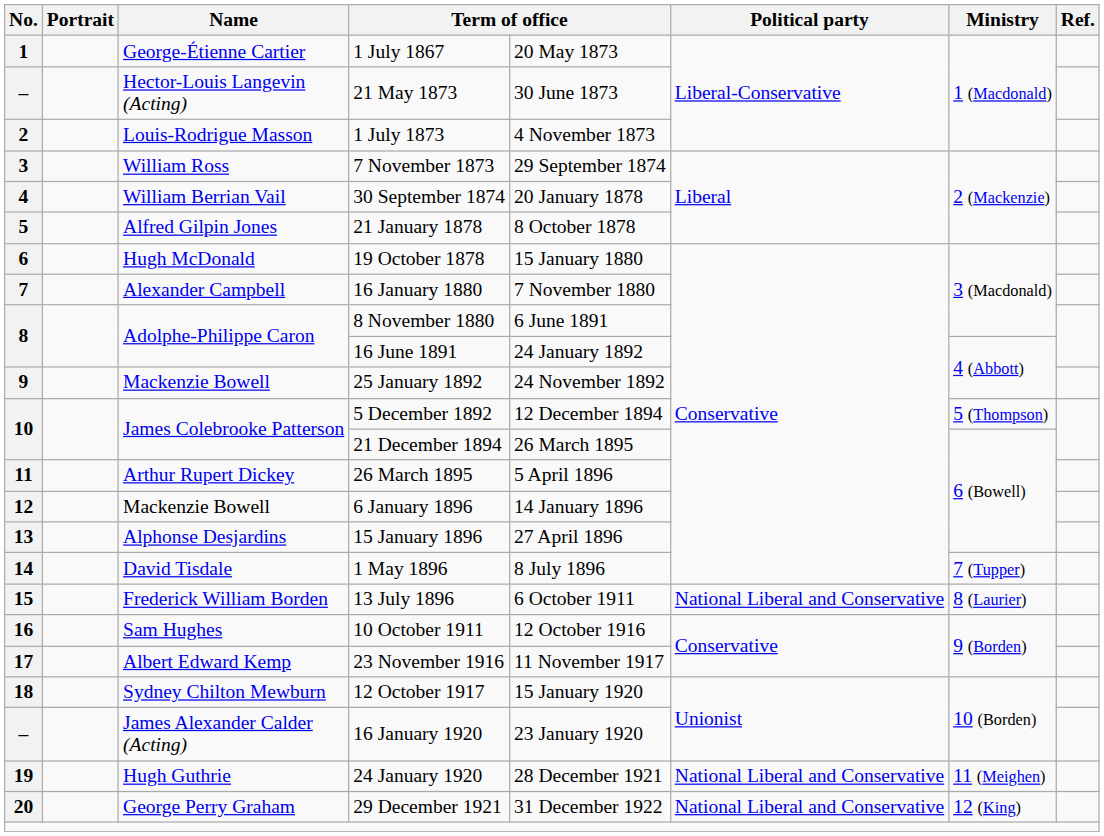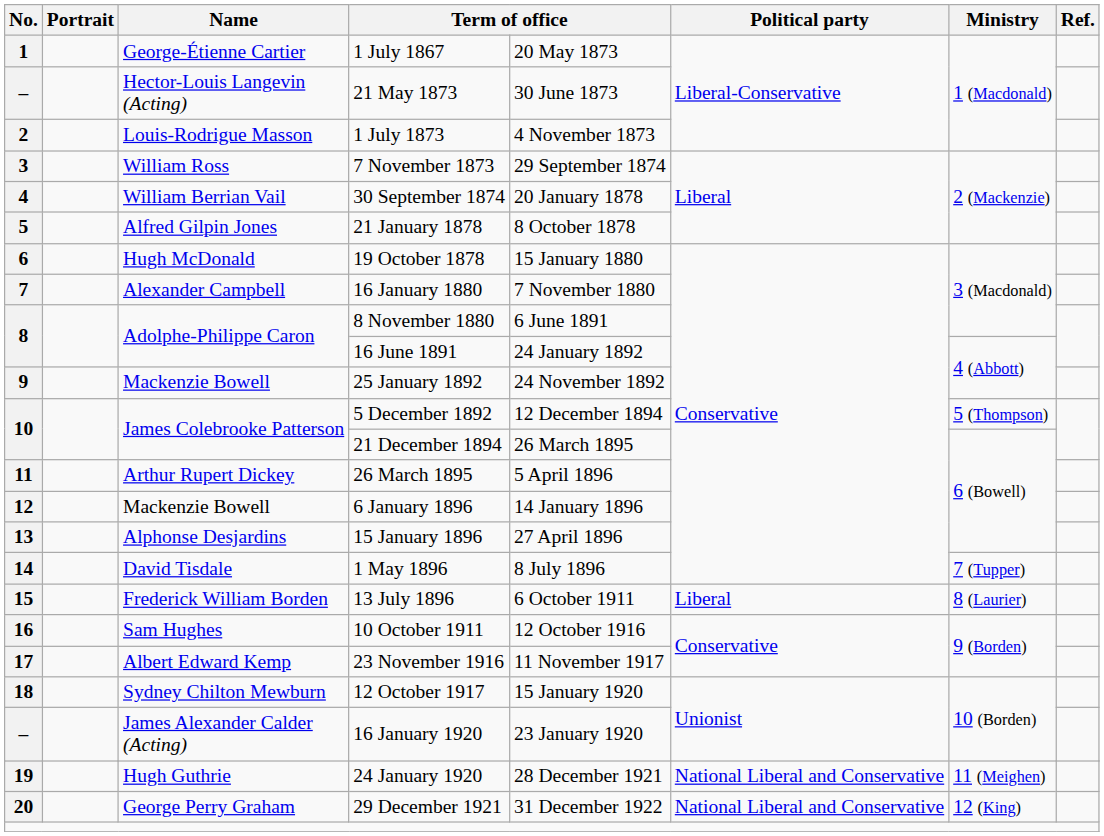 <table class="wikitable">
 <tr>
 <th>No.</th>
 <th>Portrait</th>
 <th>Name</th>
 <th colspan=2>Term of office</th>
 <th>Political party</th>
 <th>Ministry</th>
 <th>Ref.</th>
 </tr>
 <tr>
 <th style="background:">1</th>
 <td></td>
 <td><a href='#'>George-Étienne Cartier</a></td>
 <td>1 July 1867</td>
 <td>20 May 1873</td>
 <td rowspan=3><a href='#'>Liberal-Conservative</a></td>
 <td rowspan=3><a href='#'>1</a> <small>(<a href='#'>Macdonald</a>)</small></td>
 <td></td>
 </tr>
 <tr>
 <th style="background:">–</th>
 <td></td>
 <td><a href='#'>Hector-Louis Langevin</a><br><em>(Acting)</em></td>
 <td>21 May 1873</td>
 <td>30 June 1873</td>
 <td></td>
 </tr>
 <tr>
 <th style="background:">2</th>
 <td></td>
 <td><a href='#'>Louis-Rodrigue Masson</a></td>
 <td>1 July 1873</td>
 <td>4 November 1873</td>
 <td></td>
 </tr>
 <tr>
 <th style="background:">3</th>
 <td></td>
 <td><a href='#'>William Ross</a></td>
 <td>7 November 1873</td>
 <td>29 September 1874</td>
 <td rowspan=3><a href='#'>Liberal</a></td>
 <td rowspan=3><a href='#'>2</a> <small>(<a href='#'>Mackenzie</a>)</small></td>
 <td></td>
 </tr>
 <tr>
 <th style="background:">4</th>
 <td></td>
 <td><a href='#'>William Berrian Vail</a></td>
 <td>30 September 1874</td>
 <td>20 January 1878</td>
 <td></td>
 </tr>
 <tr>
 <th style="background:">5</th>
 <td></td>
 <td><a href='#'>Alfred Gilpin Jones</a></td>
 <td>21 January 1878</td>
 <td>8 October 1878</td>
 <td></td>
 </tr>
 <tr>
 <th style="background:">6</th>
 <td></td>
 <td><a href='#'>Hugh McDonald</a></td>
 <td>19 October 1878</td>
 <td>15 January 1880</td>
 <td rowspan=11><a href='#'>Conservative</a></td>
 <td rowspan=3><a href='#'>3</a> <small>(Macdonald)</small></td>
 <td></td>
 </tr>
 <tr>
 <th style="background:">7</th>
 <td></td>
 <td><a href='#'>Alexander Campbell</a></td>
 <td>16 January 1880</td>
 <td>7 November 1880</td>
 <td></td>
 </tr>
 <tr>
 <th rowspan=2 style="background:">8</th>
 <td rowspan=2></td>
 <td rowspan=2><a href='#'>Adolphe-Philippe Caron</a></td>
 <td>8 November 1880</td>
 <td>6 June 1891</td>
 <td rowspan=2></td>
 </tr>
 <tr>
 <td>16 June 1891</td>
 <td>24 January 1892</td>
 <td rowspan=2><a href='#'>4</a> <small>(<a href='#'>Abbott</a>)</small></td>
 </tr>
 <tr>
 <th style="background:">9</th>
 <td></td>
 <td><a href='#'>Mackenzie Bowell</a></td>
 <td>25 January 1892</td>
 <td>24 November 1892</td>
 <td></td>
 </tr>
 <tr>
 <th rowspan=2 style="background:">10</th>
 <td rowspan=2></td>
 <td rowspan=2><a href='#'>James Colebrooke Patterson</a></td>
 <td>5 December 1892</td>
 <td>12 December 1894</td>
 <td><a href='#'>5</a> <small>(<a href='#'>Thompson</a>)</small></td>
 <td rowspan=2></td>
 </tr>
 <tr>
 <td>21 December 1894</td>
 <td>26 March 1895</td>
 <td rowspan=4><a href='#'>6</a> <small>(Bowell)</small></td>
 </tr>
 <tr>
 <th style="background:">11</th>
 <td></td>
 <td><a href='#'>Arthur Rupert Dickey</a></td>
 <td>26 March 1895</td>
 <td>5 April 1896</td>
 <td></td>
 </tr>
 <tr>
 <th style="background:">12</th>
 <td></td>
 <td>Mackenzie Bowell</td>
 <td>6 January 1896</td>
 <td>14 January  1896</td>
 <td></td>
 </tr>
 <tr>
 <th style="background:">13</th>
 <td></td>
 <td><a href='#'>Alphonse Desjardins</a></td>
 <td>15 January 1896</td>
 <td>27 April 1896</td>
 <td></td>
 </tr>
 <tr>
 <th style="background:">14</th>
 <td></td>
 <td><a href='#'>David Tisdale</a></td>
 <td>1 May 1896</td>
 <td>8 July 1896</td>
 <td><a href='#'>7</a> <small>(<a href='#'>Tupper</a>)</small></td>
 <td></td>
 </tr>
 <tr>
 <th style="background:">15</th>
 <td></td>
 <td><a href='#'>Frederick William Borden</a></td>
 <td>13 July 1896</td>
 <td>6 October 1911</td>
-<td><a href='#'>National Liberal and Conservative</a></td>
+<td><a href='#'>Liberal</a></td>
 <td><a href='#'>8</a> <small>(<a href='#'>Laurier</a>)</small></td>
 <td></td>
 </tr>
 <tr>
 <th style="background:">16</th>
 <td></td>
 <td><a href='#'>Sam Hughes</a></td>
 <td>10 October 1911</td>
 <td>12 October 1916</td>
 <td rowspan=2><a href='#'>Conservative</a></td>
 <td rowspan=2><a href='#'>9</a> <small>(<a href='#'>Borden</a>)</small></td>
 <td></td>
 </tr>
 <tr>
 <th style="background:">17</th>
 <td></td>
 <td><a href='#'>Albert Edward Kemp</a></td>
 <td>23 November 1916</td>
 <td>11 November 1917</td>
 <td></td>
 </tr>
 <tr>
 <th style="background:">18</th>
 <td></td>
 <td><a href='#'>Sydney Chilton Mewburn</a></td>
 <td>12 October 1917</td>
 <td>15 January 1920</td>
 <td rowspan=3><a href='#'>Unionist</a></td>
 <td rowspan=3><a href='#'>10</a> <small>(Borden)</small></td>
 <td></td>
 </tr>
 <tr>
 <th style="background:">–</th>
 <td></td>
 <td><a href='#'>James Alexander Calder</a><br><em>(Acting)</em></td>
 <td>16 January 1920</td>
 <td>23 January 1920</td>
 <td></td>
 </tr>
 <tr>
 <th rowspan=2 style="background:">19</th>
 <td rowspan=2></td>
 <td rowspan=2><a href='#'>Hugh Guthrie</a></td>
 <td rowspan=2>24 January 1920</td>
 <td rowspan=2>28 December 1921</td>
 <td rowspan=2></td>
 </tr>
 <tr>
 <td><a href='#'>National Liberal and Conservative</a></td>
 <td><a href='#'>11</a> <small>(<a href='#'>Meighen</a>)</small></td>
 </tr>
 <tr>
 <th style="background:">20</th>
 <td></td>
 <td><a href='#'>George Perry Graham</a></td>
 <td>29 December 1921</td>
 <td>31 December 1922</td>
 <td><a href='#'>National Liberal and Conservative</a></td>
 <td><a href='#'>12</a> <small>(<a href='#'>King</a>)</small></td>
 <td></td>
 </tr>
 <tr>
 <td colspan=8></td>
 </tr>
 </table>
